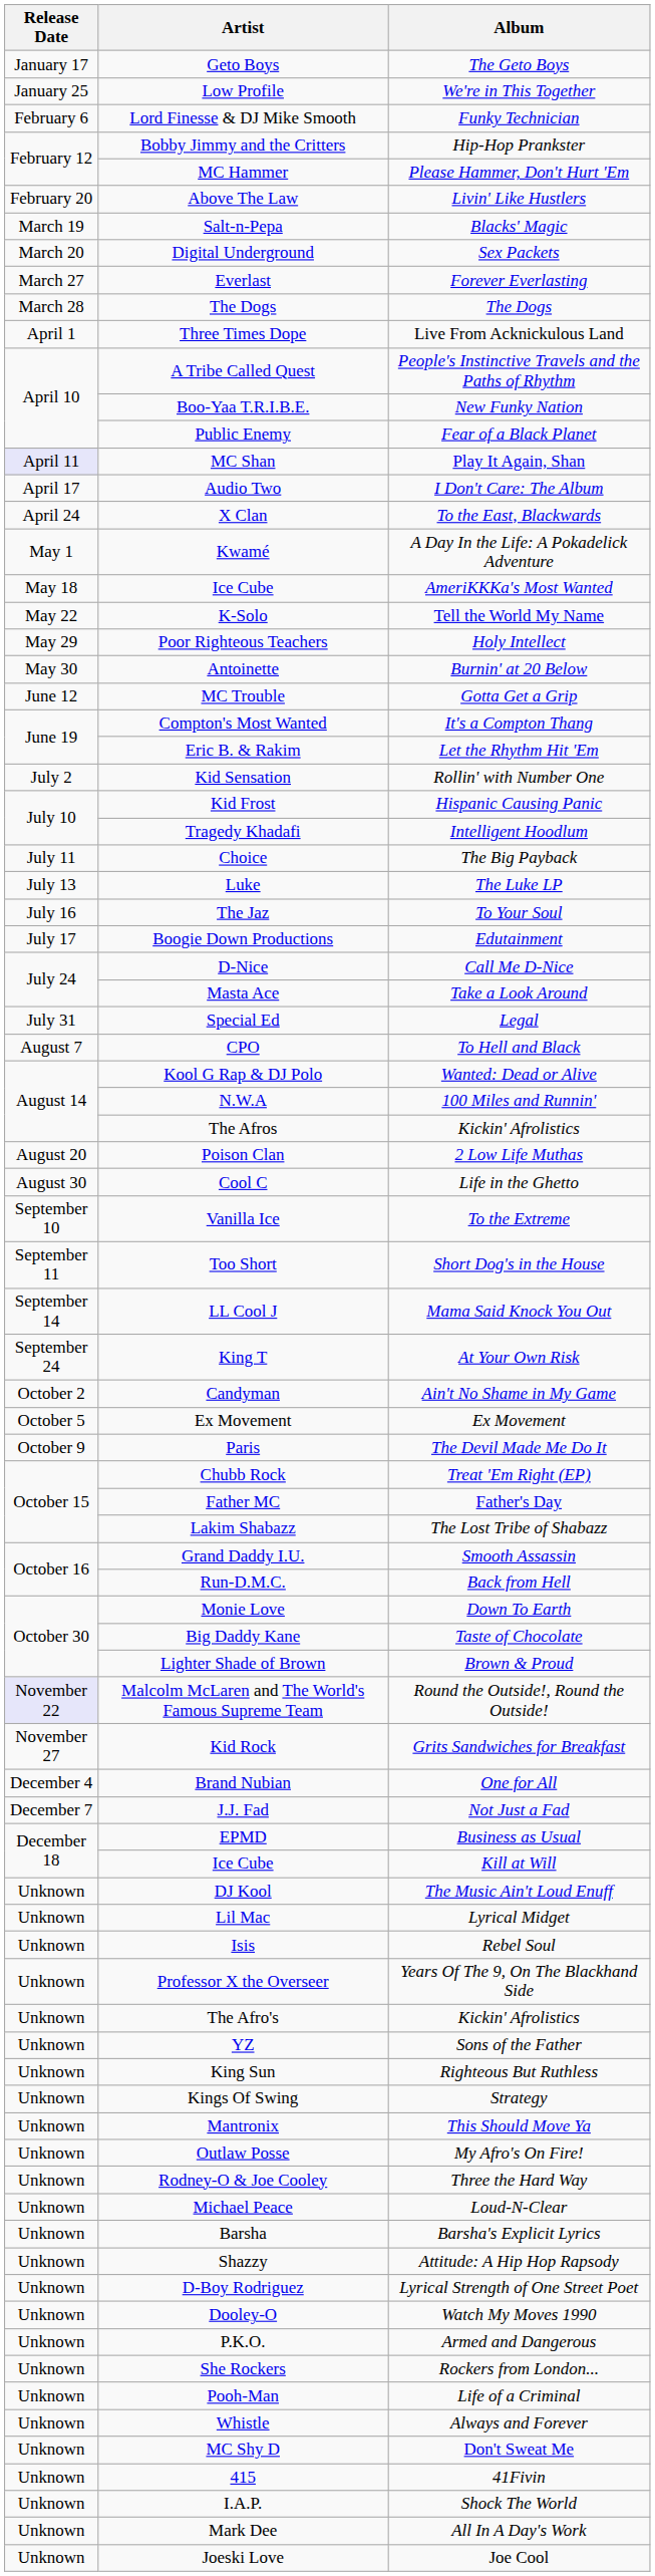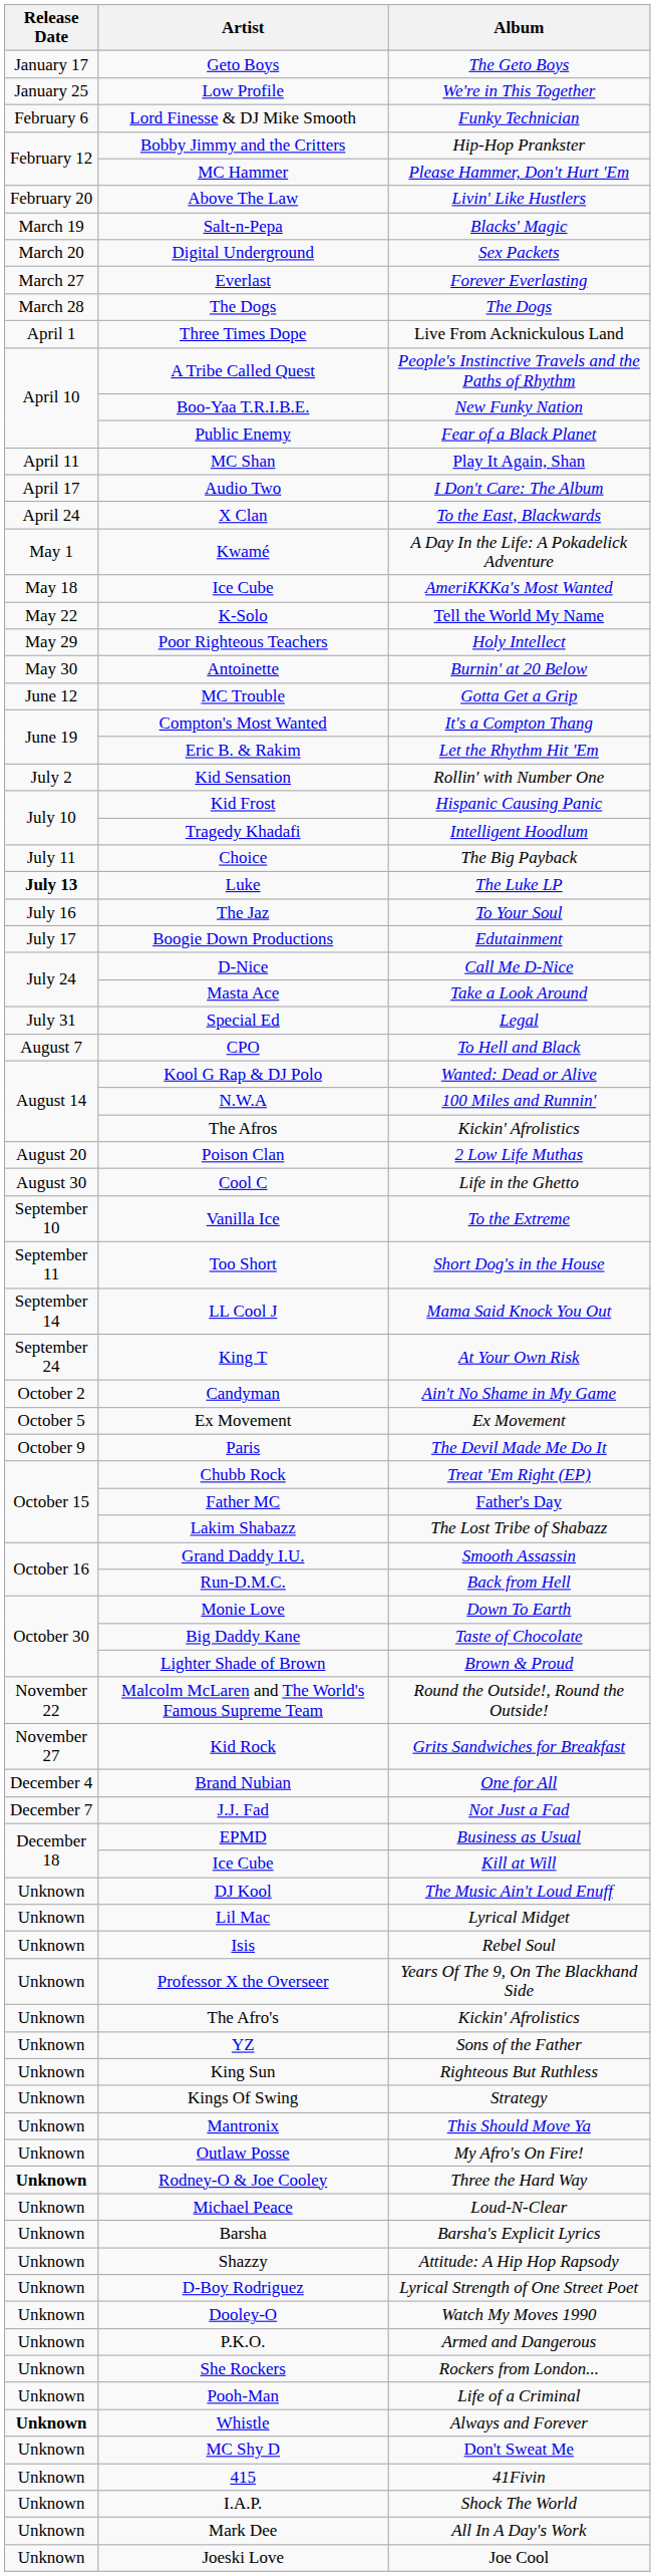 <table class="wikitable" style="text-align:center;">
 <tr>
 <th scope="col">Release Date</th>
 <th scope="col">Artist</th>
 <th scope="col">Album</th>
 </tr>
 <tr>
 <td>January 17</td>
 <td><a href='#'>Geto Boys</a></td>
 <td><em><a href='#'>The Geto Boys</a></em></td>
 </tr>
 <tr>
 <td>January 25</td>
 <td><a href='#'>Low Profile</a></td>
 <td><em><a href='#'>We're in This Together</a></em></td>
 </tr>
 <tr>
 <td>February 6</td>
 <td><a href='#'>Lord Finesse</a> & DJ Mike Smooth</td>
 <td><em><a href='#'>Funky Technician</a></em></td>
 </tr>
 <tr>
 <td rowspan="2">February 12</td>
 <td><a href='#'>Bobby Jimmy and the Critters</a></td>
 <td><em>Hip-Hop Prankster</em></td>
 </tr>
 <tr>
 <td><a href='#'>MC Hammer</a></td>
 <td><em><a href='#'>Please Hammer, Don't Hurt 'Em</a></em></td>
 </tr>
 <tr>
 <td>February 20</td>
 <td><a href='#'>Above The Law</a></td>
 <td><em><a href='#'>Livin' Like Hustlers</a></em></td>
 </tr>
 <tr>
 <td>March 19</td>
 <td><a href='#'>Salt-n-Pepa</a></td>
 <td><em><a href='#'>Blacks' Magic</a></em></td>
 </tr>
 <tr>
 <td>March 20</td>
 <td><a href='#'>Digital Underground</a></td>
 <td><em><a href='#'>Sex Packets</a></em></td>
 </tr>
 <tr>
 <td>March 27</td>
 <td><a href='#'>Everlast</a></td>
 <td><em><a href='#'>Forever Everlasting</a></em></td>
 </tr>
 <tr>
 <td>March 28</td>
 <td><a href='#'>The Dogs</a></td>
 <td><em><a href='#'>The Dogs</a></em></td>
 </tr>
 <tr>
 <td>April 1</td>
 <td><a href='#'>Three Times Dope</a></td>
 <td>Live From Acknickulous Land</td>
 </tr>
 <tr>
 <td rowspan="3">April 10</td>
 <td><a href='#'>A Tribe Called Quest</a></td>
 <td><em><a href='#'>People's Instinctive Travels and the Paths of Rhythm</a></em></td>
 </tr>
 <tr>
 <td><a href='#'>Boo-Yaa T.R.I.B.E.</a></td>
 <td><em><a href='#'>New Funky Nation</a></em></td>
 </tr>
 <tr>
 <td><a href='#'>Public Enemy</a></td>
 <td><em><a href='#'>Fear of a Black Planet</a></em></td>
 </tr>
 <tr>
-<td style="background: lavender;">April 11</td>
+<td>April 11</td>
 <td><a href='#'>MC Shan</a></td>
 <td><a href='#'>Play It Again, Shan</a></td>
 </tr>
 <tr>
 <td>April 17</td>
 <td><a href='#'>Audio Two</a></td>
 <td><em><a href='#'>I Don't Care: The Album</a></em></td>
 </tr>
 <tr>
 <td>April 24</td>
 <td><a href='#'>X Clan</a></td>
 <td><em><a href='#'>To the East, Blackwards</a></em></td>
 </tr>
 <tr>
 <td>May 1</td>
 <td><a href='#'>Kwamé</a></td>
 <td><em>A Day In the Life: A Pokadelick Adventure</em></td>
 </tr>
 <tr>
 <td>May 18</td>
 <td><a href='#'>Ice Cube</a></td>
 <td><em><a href='#'>AmeriKKKa's Most Wanted</a></em></td>
 </tr>
 <tr>
 <td>May 22</td>
 <td><a href='#'>K-Solo</a></td>
 <td><a href='#'>Tell the World My Name</a></td>
 </tr>
 <tr>
 <td>May 29</td>
 <td><a href='#'>Poor Righteous Teachers</a></td>
 <td><em><a href='#'>Holy Intellect</a></em></td>
 </tr>
 <tr>
 <td>May 30</td>
 <td><a href='#'>Antoinette</a></td>
 <td><em><a href='#'>Burnin' at 20 Below</a></em></td>
 </tr>
 <tr>
 <td>June 12</td>
 <td><a href='#'>MC Trouble</a></td>
 <td><em><a href='#'>Gotta Get a Grip</a></em></td>
 </tr>
 <tr>
 <td rowspan="2">June 19</td>
 <td><a href='#'>Compton's Most Wanted</a></td>
 <td><em><a href='#'>It's a Compton Thang</a></em></td>
 </tr>
 <tr>
 <td><a href='#'>Eric B. & Rakim</a></td>
 <td><em><a href='#'>Let the Rhythm Hit 'Em</a></em></td>
 </tr>
 <tr>
 <td>July 2</td>
 <td><a href='#'>Kid Sensation</a></td>
 <td><em>Rollin' with Number One</em></td>
 </tr>
 <tr>
 <td rowspan="2">July 10</td>
 <td><a href='#'>Kid Frost</a></td>
 <td><em><a href='#'>Hispanic Causing Panic</a></em></td>
 </tr>
 <tr>
 <td><a href='#'>Tragedy Khadafi</a></td>
 <td><em><a href='#'>Intelligent Hoodlum</a></em></td>
 </tr>
 <tr>
 <td>July 11</td>
 <td><a href='#'>Choice</a></td>
 <td><em>The Big Payback</em></td>
 </tr>
 <tr>
-<td>July 13</td>
+<td><strong>July 13</strong></td>
 <td><a href='#'>Luke</a></td>
 <td><em><a href='#'>The Luke LP</a></em></td>
 </tr>
 <tr>
 <td>July 16</td>
 <td><a href='#'>The Jaz</a></td>
 <td><em><a href='#'>To Your Soul</a></em></td>
 </tr>
 <tr>
 <td>July 17</td>
 <td><a href='#'>Boogie Down Productions</a></td>
 <td><em><a href='#'>Edutainment</a></em></td>
 </tr>
 <tr>
 <td rowspan="2">July 24</td>
 <td><a href='#'>D-Nice</a></td>
 <td><em><a href='#'>Call Me D-Nice</a></em></td>
 </tr>
 <tr>
 <td><a href='#'>Masta Ace</a></td>
 <td><em><a href='#'>Take a Look Around</a></em></td>
 </tr>
 <tr>
 <td>July 31</td>
 <td><a href='#'>Special Ed</a></td>
 <td><em><a href='#'>Legal</a></em></td>
 </tr>
 <tr>
 <td>August 7</td>
 <td><a href='#'>CPO</a></td>
 <td><em><a href='#'>To Hell and Black</a></em></td>
 </tr>
 <tr>
 <td rowspan="3">August 14</td>
 <td><a href='#'>Kool G Rap & DJ Polo</a></td>
 <td><em><a href='#'>Wanted: Dead or Alive</a></em></td>
 </tr>
 <tr>
 <td><a href='#'>N.W.A</a></td>
 <td><em><a href='#'>100 Miles and Runnin'</a></em></td>
 </tr>
 <tr>
 <td>The Afros</td>
 <td><em>Kickin' Afrolistics</em></td>
 </tr>
 <tr>
 <td>August 20</td>
 <td><a href='#'>Poison Clan</a></td>
 <td><em><a href='#'>2 Low Life Muthas</a></em></td>
 </tr>
 <tr>
 <td>August 30</td>
 <td><a href='#'>Cool C</a></td>
 <td><em>Life in the Ghetto</em></td>
 </tr>
 <tr>
 <td>September 10</td>
 <td><a href='#'>Vanilla Ice</a></td>
 <td><em><a href='#'>To the Extreme</a></em></td>
 </tr>
 <tr>
 <td>September 11</td>
 <td><a href='#'>Too Short</a></td>
 <td><em><a href='#'>Short Dog's in the House</a></em></td>
 </tr>
 <tr>
 <td>September 14</td>
 <td><a href='#'>LL Cool J</a></td>
 <td><em><a href='#'>Mama Said Knock You Out</a></em></td>
 </tr>
 <tr>
 <td>September 24</td>
 <td><a href='#'>King T</a></td>
 <td><em><a href='#'>At Your Own Risk</a></em></td>
 </tr>
 <tr>
 <td>October 2</td>
 <td><a href='#'>Candyman</a></td>
 <td><em><a href='#'>Ain't No Shame in My Game</a></em></td>
 </tr>
 <tr>
 <td>October 5</td>
 <td>Ex Movement</td>
 <td><em>Ex Movement</em></td>
 </tr>
 <tr>
 <td>October 9</td>
 <td><a href='#'>Paris</a></td>
 <td><em><a href='#'>The Devil Made Me Do It</a></em></td>
 </tr>
 <tr>
 <td rowspan="3">October 15</td>
 <td><a href='#'>Chubb Rock</a></td>
 <td><em><a href='#'>Treat 'Em Right (EP)</a></em></td>
 </tr>
 <tr>
 <td><a href='#'>Father MC</a></td>
 <td><a href='#'>Father's Day</a></td>
 </tr>
 <tr>
 <td><a href='#'>Lakim Shabazz</a></td>
 <td><em>The Lost Tribe of Shabazz</em></td>
 </tr>
 <tr>
 <td rowspan="2">October 16</td>
 <td><a href='#'>Grand Daddy I.U.</a></td>
 <td><em><a href='#'>Smooth Assassin</a></em></td>
 </tr>
 <tr>
 <td><a href='#'>Run-D.M.C.</a></td>
 <td><em><a href='#'>Back from Hell</a></em></td>
 </tr>
 <tr>
 <td rowspan="3">October 30</td>
 <td><a href='#'>Monie Love</a></td>
 <td><em><a href='#'>Down To Earth</a></em></td>
 </tr>
 <tr>
 <td><a href='#'>Big Daddy Kane</a></td>
 <td><em><a href='#'>Taste of Chocolate</a></em></td>
 </tr>
 <tr>
 <td><a href='#'>Lighter Shade of Brown</a></td>
 <td><em><a href='#'>Brown & Proud</a></em></td>
 </tr>
 <tr>
-<td style="background: lavender;">November 22</td>
+<td>November 22</td>
 <td><a href='#'>Malcolm McLaren</a> and <a href='#'>The World's Famous Supreme Team</a></td>
 <td><em>Round the Outside!, Round the Outside!</em></td>
 </tr>
 <tr>
 <td>November 27</td>
 <td><a href='#'>Kid Rock</a></td>
 <td><em><a href='#'>Grits Sandwiches for Breakfast</a></em></td>
 </tr>
 <tr>
 <td>December 4</td>
 <td><a href='#'>Brand Nubian</a></td>
 <td><em><a href='#'>One for All</a></em></td>
 </tr>
 <tr>
 <td>December 7</td>
 <td><a href='#'>J.J. Fad</a></td>
 <td><em><a href='#'>Not Just a Fad</a></em></td>
 </tr>
 <tr>
 <td rowspan="2">December 18</td>
 <td><a href='#'>EPMD</a></td>
 <td><em><a href='#'>Business as Usual</a></em></td>
 </tr>
 <tr>
 <td><a href='#'>Ice Cube</a></td>
 <td><em><a href='#'>Kill at Will</a></em></td>
 </tr>
 <tr>
 <td>Unknown</td>
 <td><a href='#'>DJ Kool</a></td>
 <td><em><a href='#'>The Music Ain't Loud Enuff</a></em></td>
 </tr>
 <tr>
 <td>Unknown</td>
 <td><a href='#'>Lil Mac</a></td>
 <td><em>Lyrical Midget</em></td>
 </tr>
 <tr>
 <td>Unknown</td>
 <td><a href='#'>Isis</a></td>
 <td><em>Rebel Soul</em></td>
 </tr>
 <tr>
 <td>Unknown</td>
 <td><a href='#'>Professor X the Overseer</a></td>
 <td><em>Years Of The 9, On The Blackhand Side</em></td>
 </tr>
 <tr>
 <td>Unknown</td>
 <td>The Afro's</td>
 <td><em>Kickin' Afrolistics</em></td>
 </tr>
 <tr>
 <td>Unknown</td>
 <td><a href='#'>YZ</a></td>
 <td><em>Sons of the Father</em></td>
 </tr>
 <tr>
 <td>Unknown</td>
 <td>King Sun</td>
 <td><em>Righteous But Ruthless</em></td>
 </tr>
 <tr>
 <td>Unknown</td>
 <td>Kings Of Swing</td>
 <td><em>Strategy</em></td>
 </tr>
 <tr>
 <td>Unknown</td>
 <td><a href='#'>Mantronix</a></td>
 <td><em><a href='#'>This Should Move Ya</a></em></td>
 </tr>
 <tr>
 <td>Unknown</td>
 <td><a href='#'>Outlaw Posse</a></td>
 <td><em>My Afro's On Fire!</em></td>
 </tr>
 <tr>
-<td>Unknown</td>
+<td><strong>Unknown</strong></td>
 <td><a href='#'>Rodney-O & Joe Cooley</a></td>
 <td><em>Three the Hard Way</em></td>
 </tr>
 <tr>
 <td>Unknown</td>
 <td><a href='#'>Michael Peace</a></td>
 <td><em>Loud-N-Clear</em></td>
 </tr>
 <tr>
 <td>Unknown</td>
 <td>Barsha</td>
 <td><em>Barsha's Explicit Lyrics</em></td>
 </tr>
 <tr>
 <td>Unknown</td>
 <td>Shazzy</td>
 <td><em>Attitude: A Hip Hop Rapsody</em></td>
 </tr>
 <tr>
 <td>Unknown</td>
 <td><a href='#'>D-Boy Rodriguez</a></td>
 <td><em>Lyrical Strength of One Street Poet</em></td>
 </tr>
 <tr>
 <td>Unknown</td>
 <td><a href='#'>Dooley-O</a></td>
 <td><em>Watch My Moves 1990</em></td>
 </tr>
 <tr>
 <td>Unknown</td>
 <td>P.K.O.</td>
 <td><em>Armed and Dangerous</em></td>
 </tr>
 <tr>
 <td>Unknown</td>
 <td><a href='#'>She Rockers</a></td>
 <td><em>Rockers from London...</em></td>
 </tr>
 <tr>
 <td>Unknown</td>
 <td><a href='#'>Pooh-Man</a></td>
 <td><em>Life of a Criminal</em></td>
 </tr>
 <tr>
-<td>Unknown</td>
+<td><strong>Unknown</strong></td>
 <td><a href='#'>Whistle</a></td>
 <td><em>Always and Forever</em></td>
 </tr>
 <tr>
 <td>Unknown</td>
 <td><a href='#'>MC Shy D</a></td>
 <td><a href='#'>Don't Sweat Me</a></td>
 </tr>
 <tr>
 <td>Unknown</td>
 <td><a href='#'>415</a></td>
 <td><em>41Fivin</em></td>
 </tr>
 <tr>
 <td>Unknown</td>
 <td>I.A.P.</td>
 <td><em>Shock The World</em></td>
 </tr>
 <tr>
 <td>Unknown</td>
 <td>Mark Dee</td>
 <td><em>All In A Day's Work</em></td>
 </tr>
 <tr>
 <td>Unknown</td>
 <td>Joeski Love</td>
 <td>Joe Cool</td>
 </tr>
 </table>
